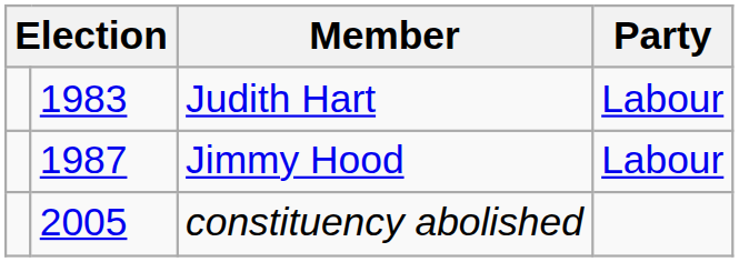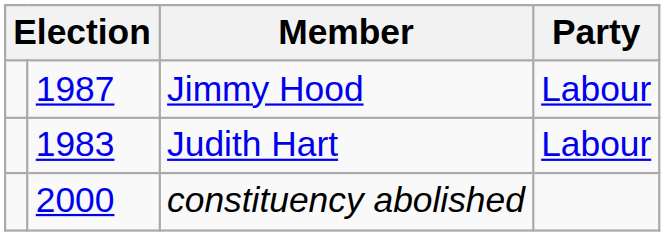 <table class="wikitable">
 <tr>
 <th colspan="2">Election</th>
 <th>Member</th>
 <th>Party</th>
 </tr>
 <tr>
 <td style="color:inherit;background-color: "></td>
+<td><a href='#'>1987</a></td>
+<td><a href='#'>Jimmy Hood</a></td>
+<td><a href='#'>Labour</a></td>
+</tr>
+<tr>
+<td style="color:inherit;background-color: "></td>
 <td><a href='#'>1983</a></td>
 <td><a href='#'>Judith Hart</a></td>
 <td><a href='#'>Labour</a></td>
 </tr>
 <tr>
-<td style="color:inherit;background-color: "></td>
-<td><a href='#'>1987</a></td>
-<td><a href='#'>Jimmy Hood</a></td>
-<td><a href='#'>Labour</a></td>
-</tr>
-<tr>
 <td></td>
-<td><a href='#'>2005</a></td>
+<td><a href='#'>2000</a></td>
 <td><em>constituency abolished</em></td>
 </tr>
 </table>
